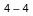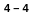 <table style="text-align:center">
 <tr>
 <th width=200></th>
 <th width=100></th>
 <th width=200></th>
 </tr>
 <tr>
 <td align=right><strong></strong></td>
-<td>4 – 4</td>
+<td><strong>4 – 4</strong></td>
 <td align=left><strong></strong></td>
 </tr>
 </table>
